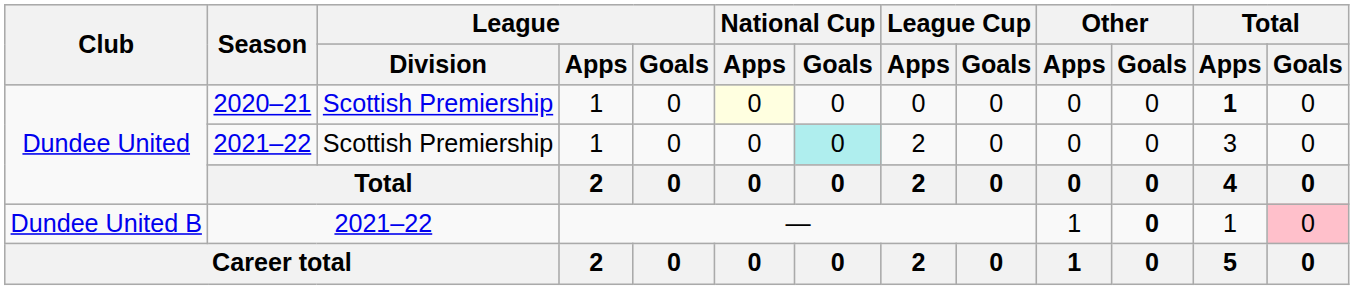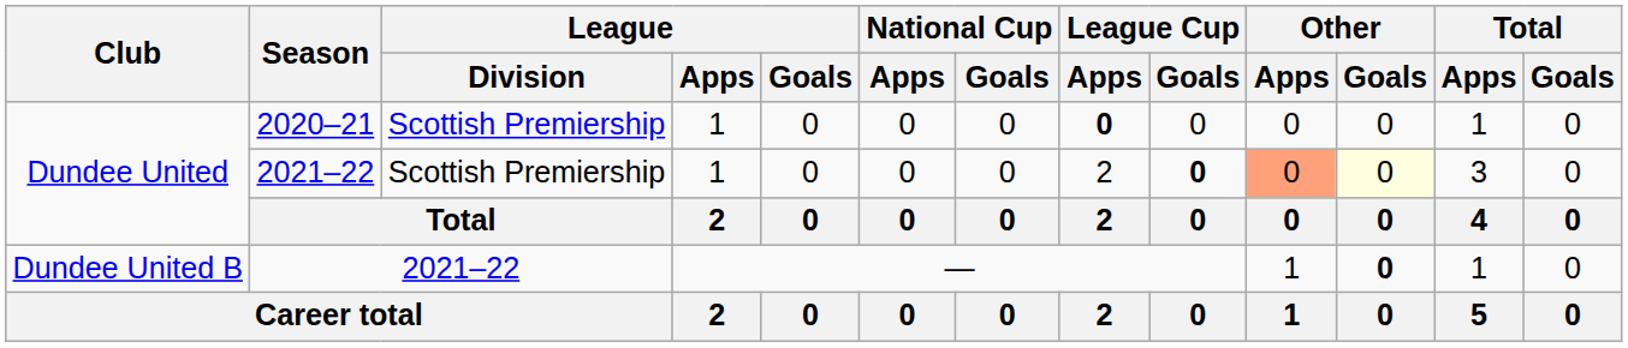 <table class="wikitable" style="text-align: center">
 <tr>
 <th rowspan="2">Club</th>
 <th rowspan="2">Season</th>
 <th colspan="3">League</th>
 <th colspan="2">National Cup</th>
 <th colspan="2">League Cup</th>
 <th colspan="2">Other</th>
 <th colspan="2">Total</th>
 </tr>
 <tr>
 <th>Division</th>
 <th>Apps</th>
 <th>Goals</th>
 <th>Apps</th>
 <th>Goals</th>
 <th>Apps</th>
 <th>Goals</th>
 <th>Apps</th>
 <th>Goals</th>
 <th>Apps</th>
 <th>Goals</th>
 </tr>
 <tr>
 <td rowspan="3"><a href='#'>Dundee United</a></td>
 <td><a href='#'>2020–21</a></td>
 <td><a href='#'>Scottish Premiership</a></td>
 <td>1</td>
 <td>0</td>
-<td style="background: lightyellow;">0</td>
+<td>0</td>
+<td>0</td>
+<td><strong>0</strong></td>
 <td>0</td>
 <td>0</td>
 <td>0</td>
-<td>0</td>
-<td>0</td>
-<td><strong>1</strong></td>
+<td>1</td>
 <td>0</td>
 </tr>
 <tr>
 <td><a href='#'>2021–22</a></td>
 <td>Scottish Premiership</td>
 <td>1</td>
 <td>0</td>
 <td>0</td>
-<td style="background: paleturquoise;">0</td>
+<td>0</td>
 <td>2</td>
-<td>0</td>
-<td>0</td>
-<td>0</td>
+<td><strong>0</strong></td>
+<td style="background: lightsalmon;">0</td>
+<td style="background: lightyellow;">0</td>
 <td>3</td>
 <td>0</td>
 </tr>
 <tr>
 <th colspan=2>Total</th>
 <th>2</th>
 <th>0</th>
 <th>0</th>
 <th>0</th>
 <th>2</th>
 <th>0</th>
 <th>0</th>
 <th>0</th>
 <th>4</th>
 <th>0</th>
 </tr>
 <tr>
 <td><a href='#'>Dundee United B</a></td>
 <td colspan=2><a href='#'>2021–22</a></td>
 <td colspan=6>—</td>
 <td>1</td>
 <td><strong>0</strong></td>
 <td>1</td>
-<td style="background: pink;">0</td>
+<td>0</td>
 </tr>
 <tr>
 <th colspan="3">Career total</th>
 <th>2</th>
 <th>0</th>
 <th>0</th>
 <th>0</th>
 <th>2</th>
 <th>0</th>
 <th>1</th>
 <th>0</th>
 <th>5</th>
 <th>0</th>
 </tr>
 </table>
